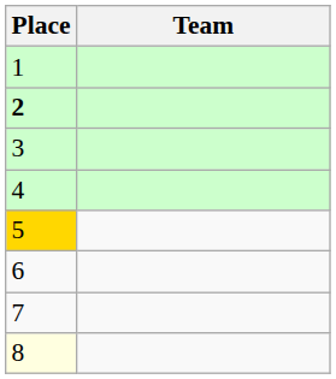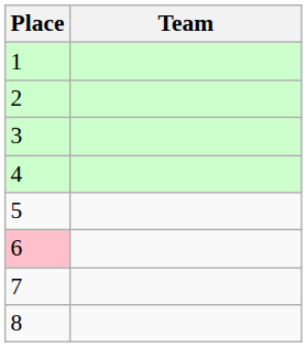 <table class="wikitable">
 <tr>
 <th width=30>Place</th>
 <th width=150>Team</th>
 </tr>
 <tr bgcolor=#ccffcc>
 <td>1</td>
 <td></td>
 </tr>
 <tr bgcolor=#ccffcc>
-<td><strong>2</strong></td>
+<td>2</td>
 <td></td>
 </tr>
 <tr bgcolor=#ccffcc>
 <td>3</td>
 <td></td>
 </tr>
 <tr bgcolor=#ccffcc>
 <td>4</td>
 <td></td>
 </tr>
 <tr>
-<td style="background: gold;">5</td>
+<td>5</td>
 <td></td>
 </tr>
 <tr>
-<td>6</td>
+<td style="background: pink;">6</td>
 <td></td>
 </tr>
 <tr>
 <td>7</td>
 <td></td>
 </tr>
 <tr>
-<td style="background: lightyellow;">8</td>
+<td>8</td>
 <td></td>
 </tr>
 </table>
